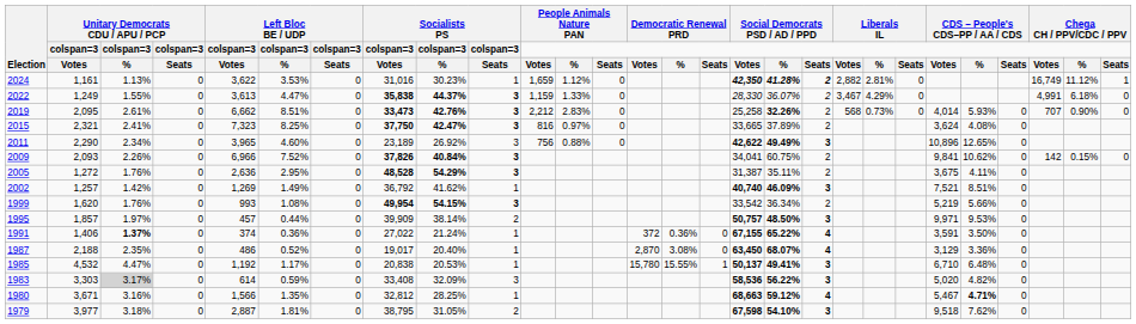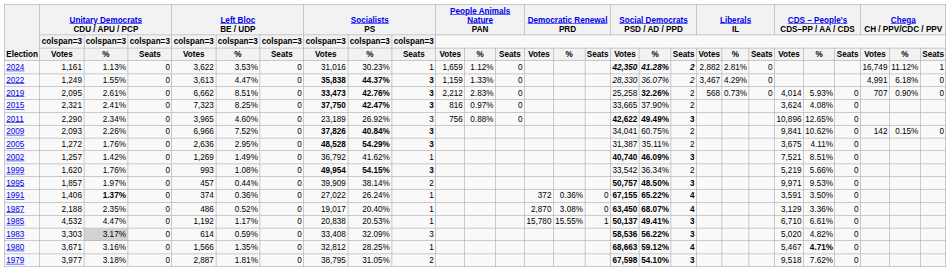 <table class="wikitable" border="1" style="font-size:85%; text-align:right;">
 <tr>
 <th style="text-align:left;" valign=bottom rowspan=3>Election</th>
 <th valign=bottom colspan=3><a href='#'>Unitary Democrats</a><br>CDU / APU / PCP</th>
 <th valign=bottom colspan=3><a href='#'>Left Bloc</a><br>BE / UDP</th>
 <th valign=bottom colspan=3><a href='#'>Socialists</a><br>PS</th>
 <th valign=bottom colspan=3><a href='#'>People Animals Nature</a><br>PAN</th>
 <th valign=bottom colspan=3><a href='#'>Democratic Renewal</a><br>PRD</th>
 <th valign=bottom colspan=3><a href='#'>Social Democrats</a><br>PSD / AD / PPD</th>
 <th valign=bottom colspan=3><a href='#'>Liberals</a><br>IL</th>
 <th valign=bottom colspan=3><a href='#'>CDS – People's</a><br>CDS–PP / AA / CDS</th>
 <th valign=bottom colspan=3><a href='#'>Chega</a><br>CH / PPV/CDC / PPV</th>
 </tr>
 <tr>
 <th>colspan=3 </th>
 <th>colspan=3 </th>
 <th>colspan=3 </th>
 <th>colspan=3 </th>
 <th>colspan=3 </th>
 <th>colspan=3 </th>
 <th>colspan=3 </th>
 <th>colspan=3 </th>
 <th>colspan=3 </th>
 </tr>
 <tr>
 <th>Votes</th>
 <th>%</th>
 <th>Seats</th>
 <th>Votes</th>
 <th>%</th>
 <th>Seats</th>
 <th>Votes</th>
 <th>%</th>
 <th>Seats</th>
 <th>Votes</th>
 <th>%</th>
 <th>Seats</th>
 <th>Votes</th>
 <th>%</th>
 <th>Seats</th>
 <th>Votes</th>
 <th>%</th>
 <th>Seats</th>
 <th>Votes</th>
 <th>%</th>
 <th>Seats</th>
 <th>Votes</th>
 <th>%</th>
 <th>Seats</th>
 <th>Votes</th>
 <th>%</th>
 <th>Seats</th>
 </tr>
 <tr>
 <td align=left><a href='#'>2024</a></td>
 <td>1,161</td>
 <td>1.13%</td>
 <td>0</td>
 <td>3,622</td>
 <td>3.53%</td>
 <td>0</td>
 <td>31,016</td>
 <td>30.23%</td>
 <td>1</td>
 <td>1,659</td>
 <td>1.12%</td>
 <td>0</td>
 <td></td>
 <td></td>
 <td></td>
 <td><strong><em>42,350</em></strong></td>
 <td><strong><em>41.28%</em></strong></td>
 <td><strong><em>2</em></strong></td>
 <td>2,882</td>
 <td>2.81%</td>
 <td>0</td>
 <td></td>
 <td></td>
 <td></td>
 <td>16,749</td>
 <td>11.12%</td>
 <td>1</td>
 </tr>
 <tr>
 <td align=left><a href='#'>2022</a></td>
 <td>1,249</td>
 <td>1.55%</td>
 <td>0</td>
 <td>3,613</td>
 <td>4.47%</td>
 <td>0</td>
 <td><strong>35,838</strong></td>
 <td><strong>44.37%</strong></td>
 <td><strong>3</strong></td>
 <td>1,159</td>
 <td>1.33%</td>
 <td>0</td>
 <td></td>
 <td></td>
 <td></td>
 <td><em>28,330</em></td>
 <td><em>36.07%</em></td>
 <td><em>2</em></td>
 <td>3,467</td>
 <td>4.29%</td>
 <td>0</td>
 <td></td>
 <td></td>
 <td></td>
 <td>4,991</td>
 <td>6.18%</td>
 <td>0</td>
 </tr>
 <tr>
 <td align=left><a href='#'>2019</a></td>
 <td>2,095</td>
 <td>2.61%</td>
 <td>0</td>
 <td>6,662</td>
 <td>8.51%</td>
 <td>0</td>
 <td><strong>33,473</strong></td>
 <td><strong>42.76%</strong></td>
 <td><strong>3</strong></td>
 <td>2,212</td>
 <td>2.83%</td>
 <td>0</td>
 <td></td>
 <td></td>
 <td></td>
 <td>25,258</td>
 <td><strong>32.26%</strong></td>
 <td>2</td>
 <td>568</td>
 <td>0.73%</td>
 <td>0</td>
 <td>4,014</td>
 <td>5.93%</td>
 <td>0</td>
 <td>707</td>
 <td>0.90%</td>
 <td>0</td>
 </tr>
 <tr>
 <td align=left><a href='#'>2015</a></td>
 <td>2,321</td>
 <td>2.41%</td>
 <td>0</td>
 <td>7,323</td>
 <td>8.25%</td>
 <td>0</td>
 <td><strong>37,750</strong></td>
 <td><strong>42.47%</strong></td>
 <td><strong>3</strong></td>
 <td>816</td>
 <td>0.97%</td>
 <td>0</td>
 <td></td>
 <td></td>
 <td></td>
 <td>33,665</td>
-<td>37.89%</td>
+<td>37.90%</td>
 <td>2</td>
 <td></td>
 <td></td>
 <td></td>
 <td>3,624</td>
 <td>4.08%</td>
 <td>0</td>
 <td></td>
 <td></td>
 <td></td>
 </tr>
 <tr>
 <td align=left><a href='#'>2011</a></td>
 <td>2,290</td>
 <td>2.34%</td>
 <td>0</td>
 <td>3,965</td>
 <td>4.60%</td>
 <td>0</td>
 <td>23,189</td>
 <td>26.92%</td>
 <td>3</td>
 <td>756</td>
 <td>0.88%</td>
 <td>0</td>
 <td></td>
 <td></td>
 <td></td>
 <td><strong>42,622</strong></td>
 <td><strong>49.49%</strong></td>
 <td><strong>3</strong></td>
 <td></td>
 <td></td>
 <td></td>
 <td>10,896</td>
 <td>12.65%</td>
 <td>0</td>
 <td></td>
 <td></td>
 <td></td>
 </tr>
 <tr>
 <td align=left><a href='#'>2009</a></td>
 <td>2,093</td>
 <td>2.26%</td>
 <td>0</td>
 <td>6,966</td>
 <td>7.52%</td>
 <td>0</td>
 <td><strong>37,826</strong></td>
 <td><strong>40.84%</strong></td>
 <td><strong>3</strong></td>
 <td></td>
 <td></td>
 <td></td>
 <td></td>
 <td></td>
 <td></td>
 <td>34,041</td>
 <td>60.75%</td>
 <td>2</td>
 <td></td>
 <td></td>
 <td></td>
 <td>9,841</td>
 <td>10.62%</td>
 <td>0</td>
 <td>142</td>
 <td>0.15%</td>
 <td>0</td>
 </tr>
 <tr>
 <td align=left><a href='#'>2005</a></td>
 <td>1,272</td>
 <td>1.76%</td>
 <td>0</td>
 <td>2,636</td>
 <td>2.95%</td>
 <td>0</td>
 <td><strong>48,528</strong></td>
 <td><strong>54.29%</strong></td>
 <td><strong>3</strong></td>
 <td></td>
 <td></td>
 <td></td>
 <td></td>
 <td></td>
 <td></td>
 <td>31,387</td>
 <td>35.11%</td>
 <td>2</td>
 <td></td>
 <td></td>
 <td></td>
 <td>3,675</td>
 <td>4.11%</td>
 <td>0</td>
 <td></td>
 <td></td>
 <td></td>
 </tr>
 <tr>
 <td align=left><a href='#'>2002</a></td>
 <td>1,257</td>
 <td>1.42%</td>
 <td>0</td>
 <td>1,269</td>
 <td>1.49%</td>
 <td>0</td>
 <td>36,792</td>
 <td>41.62%</td>
 <td>1</td>
 <td></td>
 <td></td>
 <td></td>
 <td></td>
 <td></td>
 <td></td>
 <td><strong>40,740</strong></td>
 <td><strong>46.09%</strong></td>
 <td><strong>3</strong></td>
 <td></td>
 <td></td>
 <td></td>
 <td>7,521</td>
 <td>8.51%</td>
 <td>0</td>
 <td></td>
 <td></td>
 <td></td>
 </tr>
 <tr>
 <td align=left><a href='#'>1999</a></td>
 <td>1,620</td>
 <td>1.76%</td>
 <td>0</td>
 <td>993</td>
 <td>1.08%</td>
 <td>0</td>
 <td><strong>49,954</strong></td>
 <td><strong>54.15%</strong></td>
 <td><strong>3</strong></td>
 <td></td>
 <td></td>
 <td></td>
 <td></td>
 <td></td>
 <td></td>
 <td>33,542</td>
 <td>36.34%</td>
 <td>2</td>
 <td></td>
 <td></td>
 <td></td>
 <td>5,219</td>
 <td>5.66%</td>
 <td>0</td>
 <td></td>
 <td></td>
 <td></td>
 </tr>
 <tr>
 <td align=left><a href='#'>1995</a></td>
 <td>1,857</td>
 <td>1.97%</td>
 <td>0</td>
 <td>457</td>
 <td>0.44%</td>
 <td>0</td>
 <td>39,909</td>
 <td>38.14%</td>
 <td>2</td>
 <td></td>
 <td></td>
 <td></td>
 <td></td>
 <td></td>
 <td></td>
 <td><strong>50,757</strong></td>
 <td><strong>48.50%</strong></td>
 <td><strong>3</strong></td>
 <td></td>
 <td></td>
 <td></td>
 <td>9,971</td>
 <td>9.53%</td>
 <td>0</td>
 <td></td>
 <td></td>
 <td></td>
 </tr>
 <tr>
 <td align=left><a href='#'>1991</a></td>
 <td>1,406</td>
 <td><strong>1.37%</strong></td>
 <td>0</td>
 <td>374</td>
 <td>0.36%</td>
 <td>0</td>
 <td>27,022</td>
-<td>21.24%</td>
+<td>26.24%</td>
 <td>1</td>
 <td></td>
 <td></td>
 <td></td>
 <td>372</td>
 <td>0.36%</td>
 <td>0</td>
 <td><strong>67,155</strong></td>
 <td><strong>65.22%</strong></td>
 <td><strong>4</strong></td>
 <td></td>
 <td></td>
 <td></td>
 <td>3,591</td>
 <td>3.50%</td>
 <td>0</td>
 <td></td>
 <td></td>
 <td></td>
 </tr>
 <tr>
 <td align=left><a href='#'>1987</a></td>
 <td>2,188</td>
 <td>2.35%</td>
 <td>0</td>
 <td>486</td>
 <td>0.52%</td>
 <td>0</td>
 <td>19,017</td>
 <td>20.40%</td>
 <td>1</td>
 <td></td>
 <td></td>
 <td></td>
 <td>2,870</td>
 <td>3.08%</td>
 <td>0</td>
 <td><strong>63,450</strong></td>
 <td><strong>68.07%</strong></td>
 <td><strong>4</strong></td>
 <td></td>
 <td></td>
 <td></td>
 <td>3,129</td>
 <td>3.36%</td>
 <td>0</td>
 <td></td>
 <td></td>
 <td></td>
 </tr>
 <tr>
 <td align=left><a href='#'>1985</a></td>
 <td>4,532</td>
 <td>4.47%</td>
 <td>0</td>
 <td>1,192</td>
 <td>1.17%</td>
 <td>0</td>
 <td>20,838</td>
 <td>20.53%</td>
 <td>1</td>
 <td></td>
 <td></td>
 <td></td>
 <td>15,780</td>
 <td>15.55%</td>
 <td>1</td>
 <td><strong>50,137</strong></td>
 <td><strong>49.41%</strong></td>
 <td><strong>3</strong></td>
 <td></td>
 <td></td>
 <td></td>
 <td>6,710</td>
-<td>6.48%</td>
+<td>6.61%</td>
 <td>0</td>
 <td></td>
 <td></td>
 <td></td>
 </tr>
 <tr>
 <td align=left><a href='#'>1983</a></td>
 <td>3,303</td>
 <td style="background: lightgrey;">3.17%</td>
 <td>0</td>
 <td>614</td>
 <td>0.59%</td>
 <td>0</td>
 <td>33,408</td>
 <td>32.09%</td>
 <td>3</td>
 <td></td>
 <td></td>
 <td></td>
 <td></td>
 <td></td>
 <td></td>
 <td><strong>58,536</strong></td>
 <td><strong>56.22%</strong></td>
 <td><strong>3</strong></td>
 <td></td>
 <td></td>
 <td></td>
 <td>5,020</td>
 <td>4.82%</td>
 <td>0</td>
 <td></td>
 <td></td>
 <td></td>
 </tr>
 <tr>
 <td align=left><a href='#'>1980</a></td>
 <td>3,671</td>
 <td>3.16%</td>
 <td>0</td>
 <td>1,566</td>
 <td>1.35%</td>
 <td>0</td>
 <td>32,812</td>
 <td>28.25%</td>
 <td>1</td>
 <td></td>
 <td></td>
 <td></td>
 <td></td>
 <td></td>
 <td></td>
 <td><strong>68,663</strong></td>
 <td><strong>59.12%</strong></td>
 <td><strong>4</strong></td>
 <td></td>
 <td></td>
 <td></td>
 <td>5,467</td>
 <td><strong>4.71%</strong></td>
 <td>0</td>
 <td></td>
 <td></td>
 <td></td>
 </tr>
 <tr>
 <td align=left><a href='#'>1979</a></td>
 <td>3,977</td>
 <td>3.18%</td>
 <td>0</td>
 <td>2,887</td>
 <td>1.81%</td>
 <td>0</td>
 <td>38,795</td>
 <td>31.05%</td>
 <td>2</td>
 <td></td>
 <td></td>
 <td></td>
 <td></td>
 <td></td>
 <td></td>
 <td><strong>67,598</strong></td>
 <td><strong>54.10%</strong></td>
 <td><strong>3</strong></td>
 <td></td>
 <td></td>
 <td></td>
 <td>9,518</td>
 <td>7.62%</td>
 <td>0</td>
 <td></td>
 <td></td>
 <td></td>
 </tr>
 </table>
